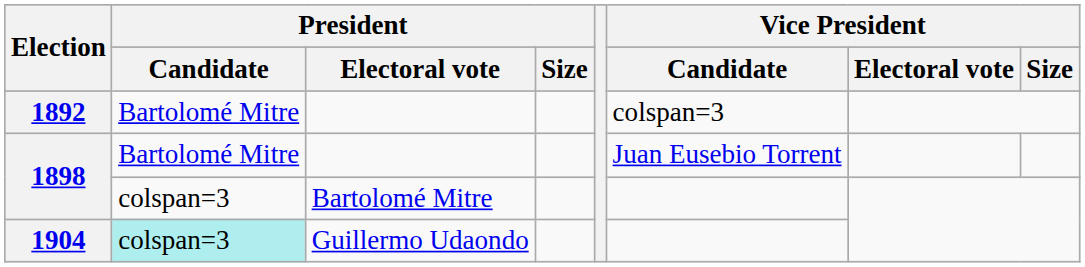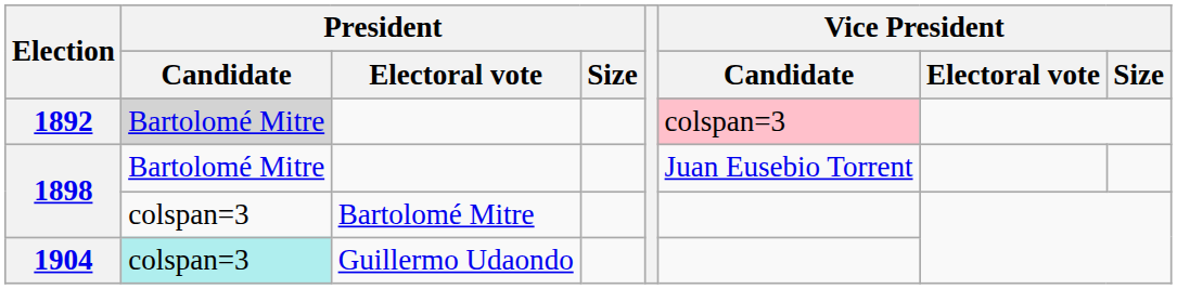 <table class="wikitable">
 <tr>
 <th rowspan=2>Election</th>
 <th colspan=3>President</th>
 <th rowspan=6></th>
 <th colspan=3>Vice President</th>
 </tr>
 <tr>
 <th>Candidate</th>
 <th>Electoral vote</th>
 <th>Size</th>
 <th>Candidate</th>
 <th>Electoral vote</th>
 <th>Size</th>
 </tr>
 <tr>
 <th><a href='#'>1892</a></th>
-<td><a href='#'>Bartolomé Mitre</a></td>
+<td style="background: lightgrey;"><a href='#'>Bartolomé Mitre</a></td>
 <td></td>
 <td></td>
-<td>colspan=3 </td>
+<td style="background: pink;">colspan=3 </td>
 </tr>
 <tr>
 <th rowspan=2><a href='#'>1898</a></th>
 <td><a href='#'>Bartolomé Mitre</a></td>
 <td></td>
 <td></td>
 <td><a href='#'>Juan Eusebio Torrent</a></td>
 <td></td>
 <td></td>
 </tr>
 <tr>
 <td>colspan=3 </td>
 <td><a href='#'>Bartolomé Mitre</a></td>
 <td></td>
 <td></td>
 </tr>
 <tr>
 <th><a href='#'>1904</a></th>
 <td style="background: paleturquoise;">colspan=3 </td>
 <td><a href='#'>Guillermo Udaondo</a></td>
 <td></td>
 <td></td>
 </tr>
 </table>
